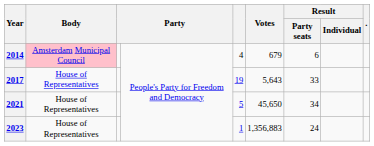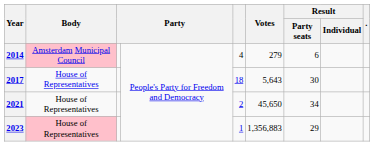 <table class="wikitable plainrowheaders sortable" border=2 cellpadding=4 cellspacing=0 style="border: 1px #aaa solid; font-size: 90%; text-align:center;">
 <tr>
 <th scope="col" rowspan=2>Year</th>
 <th scope="col" rowspan=2>Body</th>
 <th scope="col" colspan=2 rowspan=2>Party</th>
 <th scope="col" rowspan=2></th>
 <th scope="col" rowspan=2>Votes</th>
 <th scope="colgroup" colspan=2>Result</th>
 <th scope="col" rowspan=2 class="unsortable">.</th>
 </tr>
 <tr>
 <th scope="col">Party seats</th>
 <th scope="col">Individual</th>
 </tr>
 <tr>
 <th scope="row"><a href='#'>2014</a></th>
 <td style="background: pink;"><a href='#'>Amsterdam</a> <a href='#'>Municipal Council</a></td>
 <td style="background-color:"></td>
 <td rowspan="4"><a href='#'>People's Party for Freedom and Democracy</a></td>
 <td style=text-align:right>4</td>
-<td style=text-align:right>679</td>
+<td style=text-align:right>279</td>
 <td style=text-align:right>6</td>
 <td></td>
 <td></td>
 </tr>
 <tr>
 <th scope="row"><a href='#'>2017</a></th>
 <td><a href='#'>House of Representatives</a></td>
 <td style="background-color:"></td>
-<td style=text-align:right><a href='#'>19</a></td>
+<td style=text-align:right><a href='#'>18</a></td>
 <td style=text-align:right>5,643</td>
-<td style=text-align:right>33</td>
+<td style=text-align:right>30</td>
 <td></td>
 <td></td>
 </tr>
 <tr>
 <th scope="row"><a href='#'>2021</a></th>
 <td>House of Representatives</td>
 <td style="background-color:"></td>
-<td style=text-align:right><a href='#'>5</a></td>
+<td style=text-align:right><a href='#'>2</a></td>
 <td style=text-align:right>45,650</td>
 <td style=text-align:right>34</td>
 <td></td>
 <td></td>
 </tr>
 <tr>
 <th scope="row"><a href='#'>2023</a></th>
-<td>House of Representatives</td>
+<td style="background: pink;">House of Representatives</td>
 <td style="background-color:"></td>
 <td style=text-align:right><a href='#'>1</a></td>
 <td style=text-align:right>1,356,883</td>
-<td style=text-align:right>24</td>
+<td style=text-align:right>29</td>
 <td></td>
 <td></td>
 </tr>
 </table>
